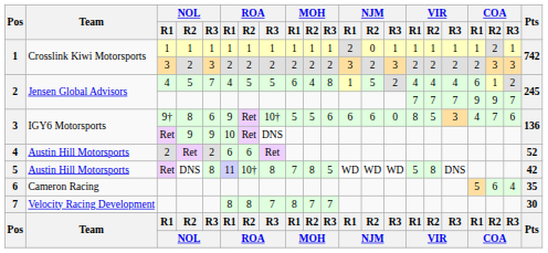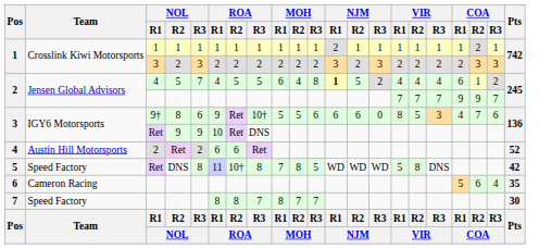 <table class="wikitable" style="font-size:85%; text-align:center">
 <tr>
 <th rowspan="2" valign="middle">Pos</th>
 <th rowspan="2" valign="middle">Team</th>
 <th colspan="3"><a href='#'>NOL</a></th>
 <th colspan="3"><a href='#'>ROA</a></th>
 <th colspan="3"><a href='#'>MOH</a></th>
 <th colspan="3"><a href='#'>NJM</a></th>
 <th colspan="3"><a href='#'>VIR</a></th>
 <th colspan="3"><a href='#'>COA</a></th>
 <th rowspan="2" valign="middle">Pts</th>
 </tr>
 <tr>
 <th>R1</th>
 <th>R2</th>
 <th>R3</th>
 <th>R1</th>
 <th>R2</th>
 <th>R3</th>
 <th>R1</th>
 <th>R2</th>
 <th>R3</th>
 <th>R1</th>
 <th>R2</th>
 <th>R3</th>
 <th>R1</th>
 <th>R2</th>
 <th>R3</th>
 <th>R1</th>
 <th>R2</th>
 <th>R3</th>
 </tr>
 <tr>
 <th rowspan="2">1</th>
 <td rowspan="2" align="left"> Crosslink Kiwi Motorsports</td>
 <td style="background:#ffffbf">1</td>
 <td style="background:#ffffbf">1</td>
 <td style="background:#ffffbf">1</td>
 <td style="background:#ffffbf">1</td>
 <td style="background:#ffffbf">1</td>
 <td style="background:#ffffbf">1</td>
 <td style="background:#ffffbf">1</td>
 <td style="background:#ffffbf">1</td>
 <td style="background:#ffffbf">1</td>
 <td style="background:#dfdfdf">2</td>
-<td style="background:#ffffbf">0</td>
+<td style="background:#ffffbf">1</td>
 <td style="background:#ffffbf">1</td>
 <td style="background:#ffffbf">1</td>
 <td style="background:#ffffbf">1</td>
 <td style="background:#ffffbf">1</td>
 <td style="background:#ffffbf">1</td>
 <td style="background:#dfdfdf">2</td>
 <td style="background:#ffffbf">1</td>
 <th rowspan="2">742</th>
 </tr>
 <tr>
 <td style="background:#ffdf9f">3</td>
 <td style="background:#dfdfdf">2</td>
 <td style="background:#ffdf9f">3</td>
 <td style="background:#dfdfdf">2</td>
 <td style="background:#dfdfdf">2</td>
 <td style="background:#dfdfdf">2</td>
 <td style="background:#dfdfdf">2</td>
 <td style="background:#dfdfdf">2</td>
 <td style="background:#dfdfdf">2</td>
 <td style="background:#ffdf9f">3</td>
 <td style="background:#dfdfdf">2</td>
 <td style="background:#ffdf9f">3</td>
 <td style="background:#dfdfdf">2</td>
 <td style="background:#dfdfdf">2</td>
 <td style="background:#dfdfdf">2</td>
 <td style="background:#dfdfdf">2</td>
 <td style="background:#ffdf9f">3</td>
 <td style="background:#ffdf9f">3</td>
 </tr>
 <tr>
 <th rowspan="2">2</th>
 <td rowspan="2" align="left"> <a href='#'>Jensen Global Advisors</a></td>
 <td style="background:#dfffdf">4</td>
 <td style="background:#dfffdf">5</td>
 <td style="background:#dfffdf">7</td>
 <td style="background:#dfffdf">4</td>
 <td style="background:#dfffdf">5</td>
 <td style="background:#dfffdf">5</td>
 <td style="background:#dfffdf">6</td>
 <td style="background:#dfffdf">4</td>
 <td style="background:#dfffdf">8</td>
-<td style="background:#ffffbf">1</td>
+<td style="background:#ffffbf"><strong>1</strong></td>
 <td style="background:#dfffdf">5</td>
 <td style="background:#dfdfdf">2</td>
 <td style="background:#dfffdf">4</td>
 <td style="background:#dfffdf">4</td>
 <td style="background:#dfffdf">4</td>
 <td style="background:#dfffdf">6</td>
 <td style="background:#ffffbf">1</td>
 <td style="background:#dfdfdf">2</td>
 <th rowspan="2">245</th>
 </tr>
 <tr>
 <td></td>
 <td></td>
 <td></td>
 <td></td>
 <td></td>
 <td></td>
 <td></td>
 <td></td>
 <td></td>
 <td></td>
 <td></td>
 <td></td>
 <td style="background:#dfffdf">7</td>
 <td style="background:#dfffdf">7</td>
 <td style="background:#dfffdf">7</td>
 <td style="background:#dfffdf">9</td>
 <td style="background:#dfffdf">9</td>
 <td style="background:#dfffdf">7</td>
 </tr>
 <tr>
 <th rowspan="2">3</th>
 <td rowspan="2" align="left"> IGY6 Motorsports</td>
 <td style="background:#dfffdf">9†</td>
 <td style="background:#dfffdf">8</td>
 <td style="background:#dfffdf">6</td>
 <td style="background:#dfffdf">9</td>
 <td style="background:#efcfff">Ret</td>
 <td style="background:#dfffdf">10†</td>
 <td style="background:#dfffdf">5</td>
 <td style="background:#dfffdf">5</td>
 <td style="background:#dfffdf">6</td>
 <td style="background:#dfffdf">6</td>
 <td style="background:#dfffdf">6</td>
 <td style="background:#dfffdf">0</td>
 <td style="background:#dfffdf">8</td>
 <td style="background:#dfffdf">5</td>
 <td style="background:#ffdf9f">3</td>
 <td style="background:#dfffdf">4</td>
 <td style="background:#dfffdf">7</td>
 <td style="background:#dfffdf">6</td>
 <th rowspan="2">136</th>
 </tr>
 <tr>
 <td style="background:#efcfff">Ret</td>
 <td style="background:#dfffdf">9</td>
 <td style="background:#dfffdf">9</td>
 <td style="background:#dfffdf">10</td>
 <td style="background:#efcfff">Ret</td>
 <td style="background:#ffffff">DNS</td>
 <td></td>
 <td></td>
 <td></td>
 <td></td>
 <td></td>
 <td></td>
 <td></td>
 <td></td>
 <td></td>
 <td></td>
 <td></td>
 <td></td>
 </tr>
 <tr>
 <th>4</th>
 <td align="left"> <a href='#'>Austin Hill Motorsports</a></td>
 <td style="background:#dfdfdf">2</td>
 <td style="background:#efcfff">Ret</td>
 <td style="background:#dfdfdf">2</td>
 <td style="background:#dfffdf">6</td>
 <td style="background:#dfffdf">6</td>
 <td style="background:#efcfff">Ret</td>
 <td></td>
 <td></td>
 <td></td>
 <td></td>
 <td></td>
 <td></td>
 <td></td>
 <td></td>
 <td></td>
 <td></td>
 <td></td>
 <td></td>
 <th>52</th>
 </tr>
 <tr>
 <th>5</th>
-<td align="left"> <a href='#'>Austin Hill Motorsports</a></td>
+<td align="left"> Speed Factory</td>
 <td style="background:#efcfff">Ret</td>
 <td style="background:#ffffff">DNS</td>
 <td style="background:#dfffdf">8</td>
 <td style="background:#cfcfff">11</td>
 <td style="background:#dfffdf">10†</td>
 <td style="background:#dfffdf">8</td>
 <td style="background:#dfffdf">7</td>
 <td style="background:#dfffdf">8</td>
 <td style="background:#dfffdf">5</td>
 <td style="background:#ffffff">WD</td>
 <td style="background:#ffffff">WD</td>
 <td style="background:#ffffff">WD</td>
 <td style="background:#dfffdf">5</td>
 <td style="background:#dfffdf">8</td>
 <td style="background:#ffffff">DNS</td>
 <td></td>
 <td></td>
 <td></td>
 <th>42</th>
 </tr>
 <tr>
 <th>6</th>
 <td align="left"> Cameron Racing</td>
 <td></td>
 <td></td>
 <td></td>
 <td></td>
 <td></td>
 <td></td>
 <td></td>
 <td></td>
 <td></td>
 <td></td>
 <td></td>
 <td></td>
 <td></td>
 <td></td>
 <td></td>
 <td style="background:#ffdf9f">5</td>
 <td style="background:#dfffdf">6</td>
 <td style="background:#dfffdf">4</td>
 <th>35</th>
 </tr>
 <tr>
 <th>7</th>
-<td align="left"> <a href='#'>Velocity Racing Development</a></td>
+<td align="left"> Speed Factory</td>
 <td></td>
 <td></td>
 <td></td>
 <td style="background:#dfffdf">8</td>
 <td style="background:#dfffdf">8</td>
 <td style="background:#dfffdf">7</td>
 <td style="background:#dfffdf">8</td>
 <td style="background:#dfffdf">7</td>
 <td style="background:#dfffdf">7</td>
 <td></td>
 <td></td>
 <td></td>
 <td></td>
 <td></td>
 <td></td>
 <td></td>
 <td></td>
 <td></td>
 <th>30</th>
 </tr>
 <tr>
 <th rowspan="2">Pos</th>
 <th rowspan="2">Team</th>
 <th>R1</th>
 <th>R2</th>
 <th>R3</th>
 <th>R1</th>
 <th>R2</th>
 <th>R3</th>
 <th>R1</th>
 <th>R2</th>
 <th>R3</th>
 <th>R1</th>
 <th>R2</th>
 <th>R3</th>
 <th>R1</th>
 <th>R2</th>
 <th>R3</th>
 <th>R1</th>
 <th>R2</th>
 <th>R3</th>
 <th rowspan="2">Pts</th>
 </tr>
 <tr valign="top">
 <th colspan="3"><a href='#'>NOL</a></th>
 <th colspan="3"><a href='#'>ROA</a></th>
 <th colspan="3"><a href='#'>MOH</a></th>
 <th colspan="3"><a href='#'>NJM</a></th>
 <th colspan="3"><a href='#'>VIR</a></th>
 <th colspan="3"><a href='#'>COA</a></th>
 </tr>
 </table>
